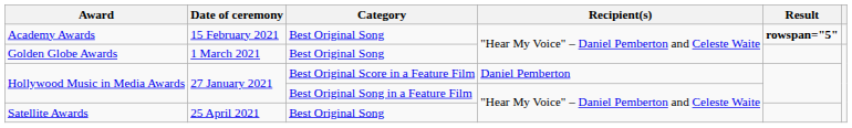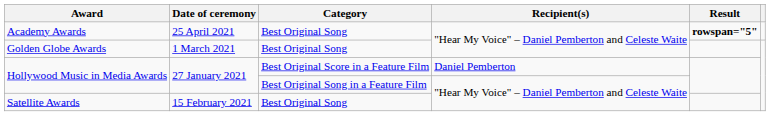 <table class="wikitable unsortable plainrowheaders">
 <tr>
 <th>Award</th>
 <th>Date of ceremony</th>
 <th scope="col">Category</th>
 <th scope="col">Recipient(s)</th>
 <th scope="col">Result</th>
 <th></th>
 </tr>
 <tr>
 <td><a href='#'>Academy Awards</a></td>
-<td><a href='#'>15 February 2021</a></td>
+<td><a href='#'>25 April 2021</a></td>
 <td><a href='#'>Best Original Song</a></td>
 <td rowspan="2">"Hear My Voice" – <a href='#'>Daniel Pemberton</a> and <a href='#'>Celeste Waite</a></td>
 <td><strong>rowspan="5" </strong></td>
 <td align="center"></td>
 </tr>
 <tr>
 <td><a href='#'>Golden Globe Awards</a></td>
 <td><a href='#'>1 March 2021</a></td>
 <td><a href='#'>Best Original Song</a></td>
 <td align="center"></td>
 </tr>
 <tr>
 <td rowspan="2"><a href='#'>Hollywood Music in Media Awards</a></td>
 <td rowspan="2"><a href='#'>27 January 2021</a></td>
 <td><a href='#'>Best Original Score in a Feature Film</a></td>
 <td><a href='#'>Daniel Pemberton</a></td>
 <td rowspan="2" align="center"></td>
 </tr>
 <tr>
 <td><a href='#'>Best Original Song in a Feature Film</a></td>
 <td rowspan="2">"Hear My Voice" – <a href='#'>Daniel Pemberton</a> and <a href='#'>Celeste Waite</a></td>
 </tr>
 <tr>
 <td><a href='#'>Satellite Awards</a></td>
-<td><a href='#'>25 April 2021</a></td>
+<td><a href='#'>15 February 2021</a></td>
 <td><a href='#'>Best Original Song</a></td>
 <td align="center"></td>
 </tr>
 </table>
